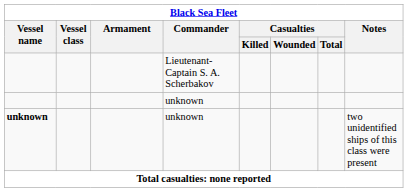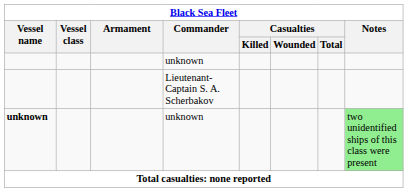 <table class="wikitable" style="width:100%;">
 <tr valign="top">
 <th colspan="8" style="background: white"><a href='#'>Black Sea Fleet</a></th>
 </tr>
 <tr valign="top">
 <th style="width:15%; text-align:center;" rowspan="2">Vessel name</th>
 <th style="width:10%; text-align:center;" rowspan="2">Vessel class</th>
 <th style="width:25%; text-align:center;" rowspan="2">Armament</th>
 <th style="width:25%; text-align:center;" rowspan="2">Commander</th>
 <th style="width:9%; text-align:center;" colspan="3">Casualties</th>
 <th style="width:16%; text-align:center;" rowspan="2">Notes</th>
 </tr>
 <tr valign="top">
 <th style="width:3%; text-align:center;">Killed</th>
 <th style="width:3%; text-align:center;">Wounded</th>
 <th style="width:3%; text-align:center;">Total</th>
 </tr>
 <tr valign="top">
 <td style="text-align:left;"><em></em></td>
 <td style="text-align:center;"></td>
 <td style="text-align:center;"></td>
-<td style="text-align:left;">Lieutenant-Captain S. A. Scherbakov</td>
+<td style="text-align:left;">unknown</td>
 <td style="text-align:right;"></td>
 <td style="text-align:right;"></td>
 <td style="text-align:right;"></td>
 <td style="text-align:left;"></td>
 </tr>
 <tr valign="top">
 <td style="text-align:left;"><em></em></td>
 <td style="text-align:center;"></td>
 <td style="text-align:center;"></td>
-<td style="text-align:left;">unknown</td>
+<td style="text-align:left;">Lieutenant-Captain S. A. Scherbakov</td>
 <td style="text-align:right;"></td>
 <td style="text-align:right;"></td>
 <td style="text-align:right;"></td>
 <td style="text-align:left;"></td>
 </tr>
 <tr valign="top">
 <td style="text-align:left;"><strong>unknown</strong></td>
 <td style="text-align:center;"></td>
 <td style="text-align:center;"></td>
 <td style="text-align:left;">unknown</td>
 <td style="text-align:right;"></td>
 <td style="text-align:right;"></td>
 <td style="text-align:right;"></td>
-<td style="text-align:left;">two unidentified ships of this class were present</td>
+<td style="background: lightgreen; text-align:left;">two unidentified ships of this class were present</td>
 </tr>
 <tr valign="top">
 <th colspan="11" style="background:white;">Total casualties: none reported</th>
 </tr>
 </table>
